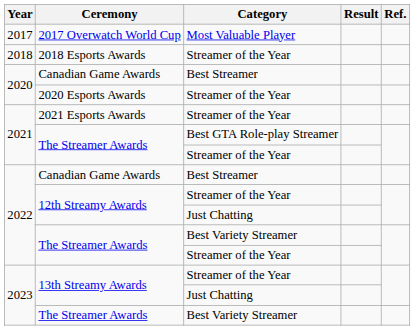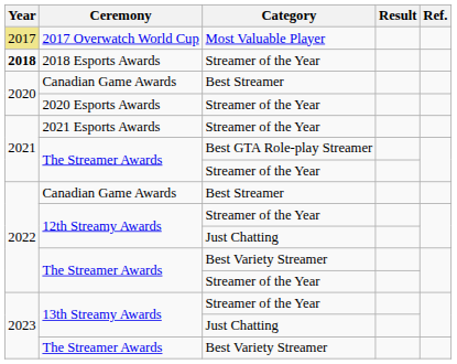 <table class="wikitable sortable">
 <tr>
 <th>Year</th>
 <th>Ceremony</th>
 <th>Category</th>
 <th>Result</th>
 <th>Ref.</th>
 </tr>
 <tr>
-<td>2017</td>
+<td style="background: khaki;">2017</td>
 <td><a href='#'>2017 Overwatch World Cup</a></td>
 <td><a href='#'>Most Valuable Player</a></td>
 <td></td>
 <td></td>
 </tr>
 <tr>
-<td>2018</td>
+<td><strong>2018</strong></td>
 <td>2018 Esports Awards</td>
 <td>Streamer of the Year</td>
 <td></td>
 <td></td>
 </tr>
 <tr>
 <td rowspan="2">2020</td>
 <td>Canadian Game Awards</td>
 <td>Best Streamer</td>
 <td></td>
 <td></td>
 </tr>
 <tr>
 <td>2020 Esports Awards</td>
 <td>Streamer of the Year</td>
 <td></td>
 <td></td>
 </tr>
 <tr>
 <td rowspan="3">2021</td>
 <td>2021 Esports Awards</td>
 <td>Streamer of the Year</td>
 <td></td>
 <td></td>
 </tr>
 <tr>
 <td rowspan="2"><a href='#'>The Streamer Awards</a></td>
 <td>Best GTA Role-play Streamer</td>
 <td></td>
 <td rowspan="2"></td>
 </tr>
 <tr>
 <td>Streamer of the Year</td>
 <td></td>
 </tr>
 <tr>
 <td rowspan="5">2022</td>
 <td>Canadian Game Awards</td>
 <td>Best Streamer</td>
 <td></td>
 <td></td>
 </tr>
 <tr>
 <td rowspan="2"><a href='#'>12th Streamy Awards</a></td>
 <td>Streamer of the Year</td>
 <td></td>
 <td rowspan="2"></td>
 </tr>
 <tr>
 <td>Just Chatting</td>
 <td></td>
 </tr>
 <tr>
 <td rowspan="2"><a href='#'>The Streamer Awards</a></td>
 <td>Best Variety Streamer</td>
 <td></td>
 <td rowspan="2"></td>
 </tr>
 <tr>
 <td>Streamer of the Year</td>
 <td></td>
 </tr>
 <tr>
 <td rowspan="3">2023</td>
 <td rowspan="2"><a href='#'>13th Streamy Awards</a></td>
 <td>Streamer of the Year</td>
 <td></td>
 <td rowspan="2"></td>
 </tr>
 <tr>
 <td>Just Chatting</td>
 <td></td>
 </tr>
 <tr>
 <td rowspan="1"><a href='#'>The Streamer Awards</a></td>
 <td>Best Variety Streamer</td>
 <td></td>
 <td></td>
 </tr>
 </table>
